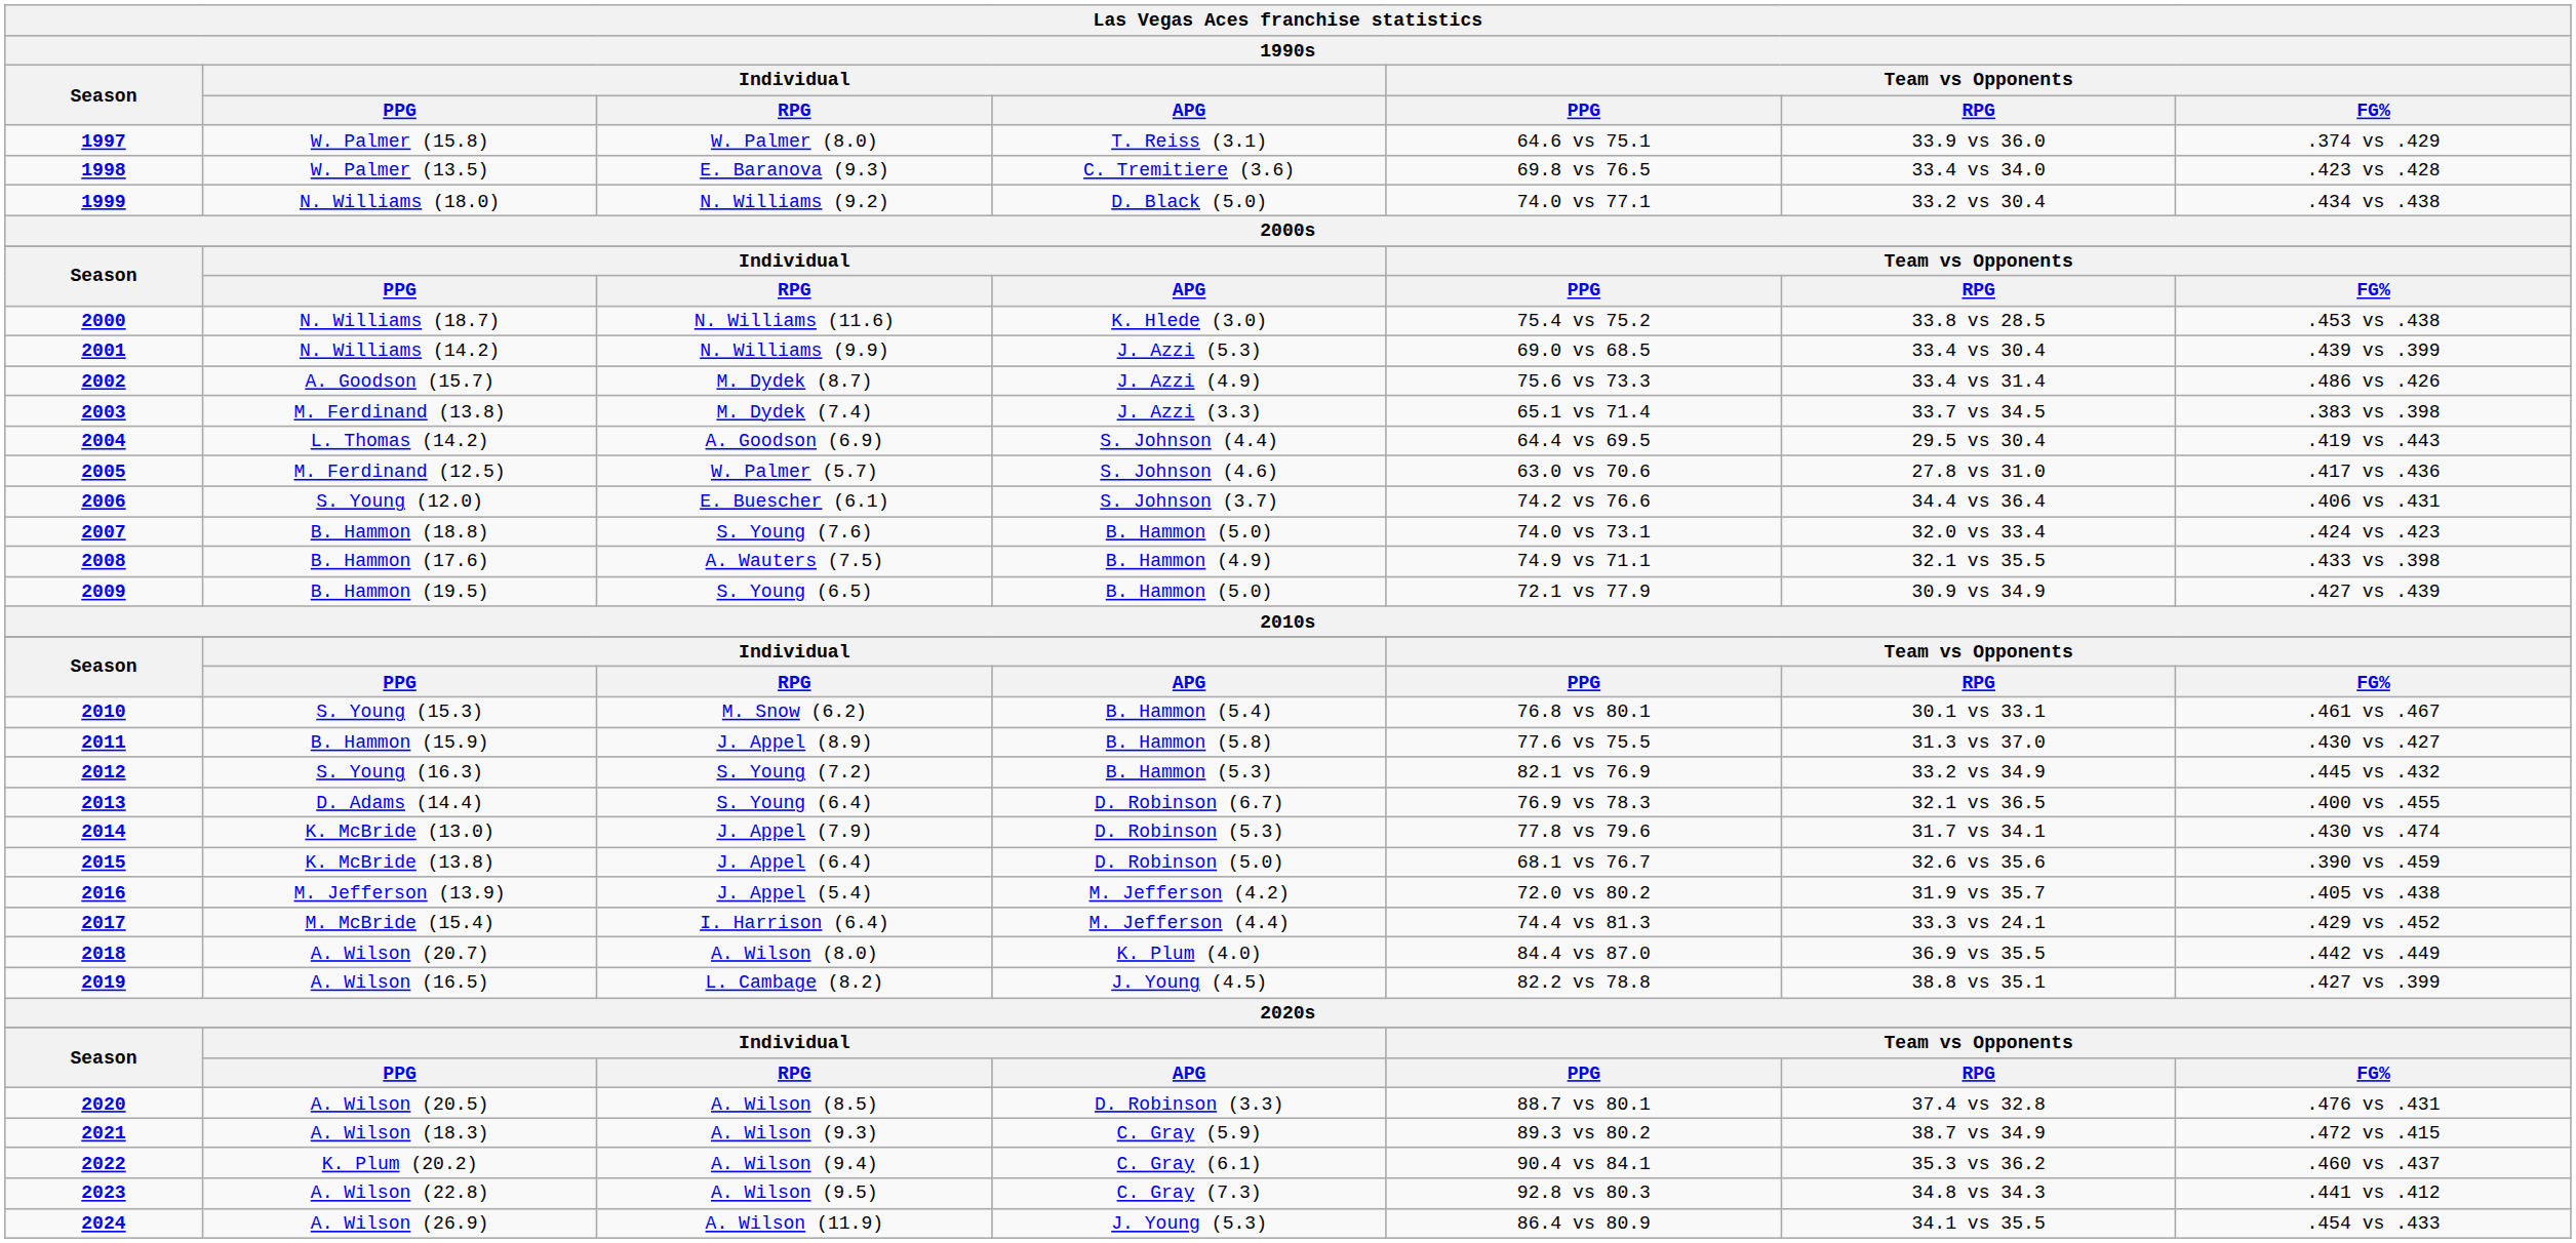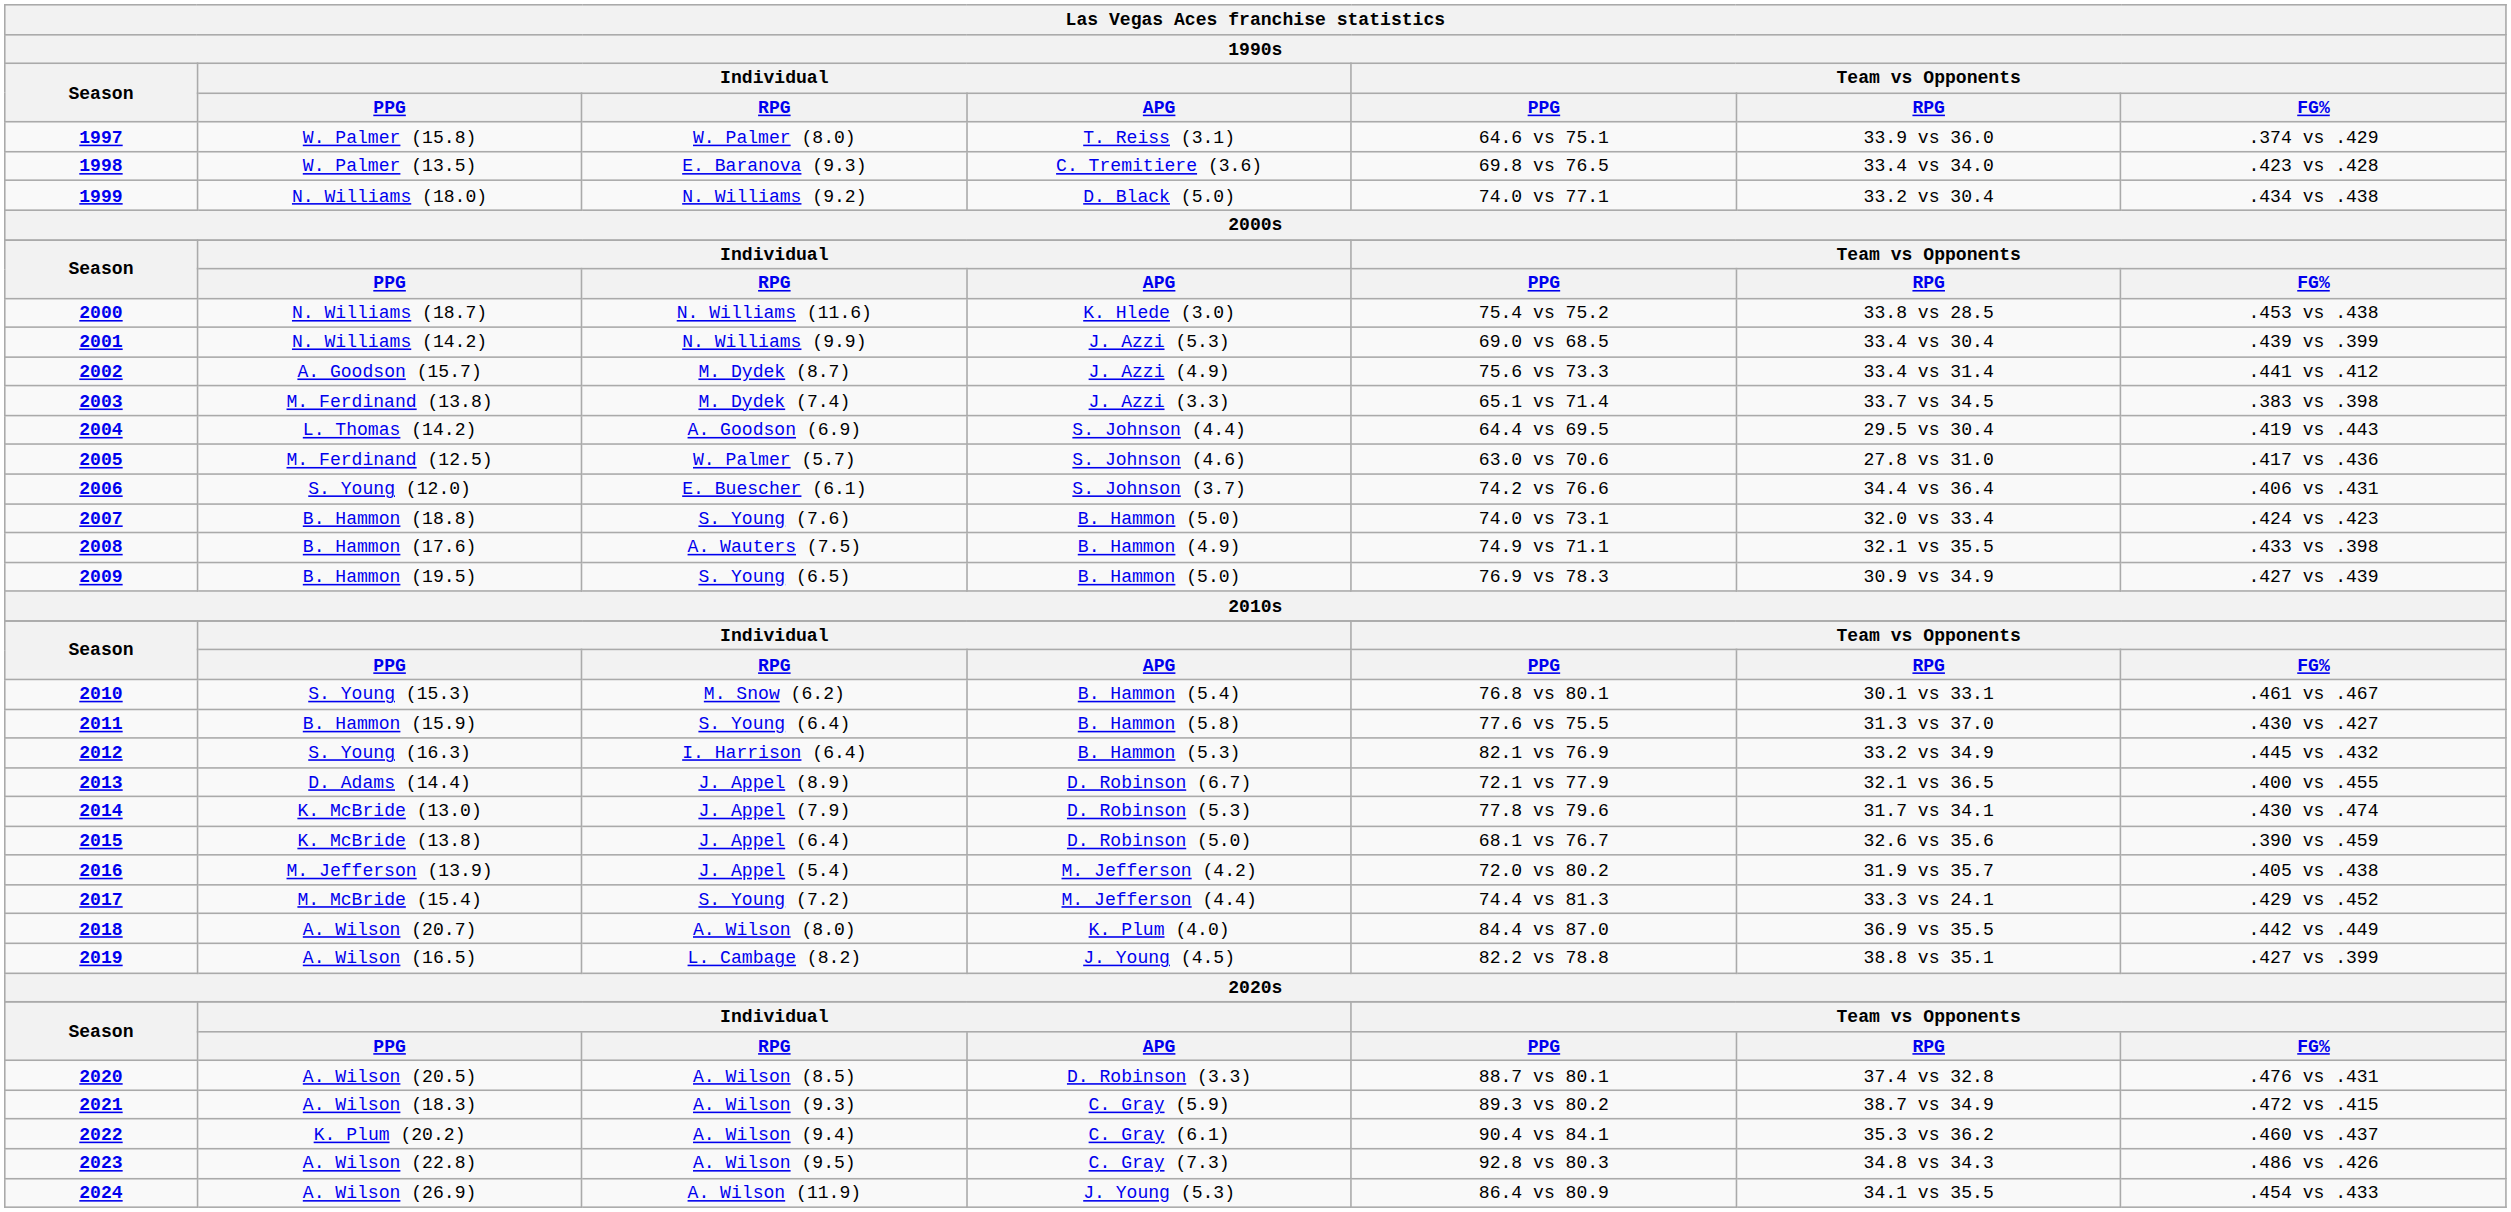 <table class="wikitable" style="clear:both; min-width:70%; font-size:88%; margin:1.5em auto; text-align:center;">
 <tr>
 <th colspan=8>Las Vegas Aces franchise statistics</th>
 </tr>
 <tr valign="top">
 <th colspan=8>1990s</th>
 </tr>
 <tr>
 <th width="4%" rowspan=2>Season</th>
 <th width="16%" colspan=3>Individual</th>
 <th width="16%" colspan=3>Team vs Opponents</th>
 </tr>
 <tr>
 <th width="8%"><a href='#'>PPG</a></th>
 <th width="8%"><a href='#'>RPG</a></th>
 <th width="8%"><a href='#'>APG</a></th>
 <th width="8%"><a href='#'>PPG</a></th>
 <th width="8%"><a href='#'>RPG</a></th>
 <th width="8%"><a href='#'>FG%</a></th>
 </tr>
 <tr>
 <td><strong><a href='#'>1997</a></strong></td>
 <td><a href='#'>W. Palmer</a> (15.8)</td>
 <td><a href='#'>W. Palmer</a> (8.0)</td>
 <td><a href='#'>T. Reiss</a> (3.1)</td>
 <td>64.6 vs 75.1</td>
 <td>33.9 vs 36.0</td>
 <td>.374 vs .429</td>
 </tr>
 <tr>
 <td><strong><a href='#'>1998</a></strong></td>
 <td><a href='#'>W. Palmer</a> (13.5)</td>
 <td><a href='#'>E. Baranova</a> (9.3)</td>
 <td><a href='#'>C. Tremitiere</a> (3.6)</td>
 <td>69.8 vs 76.5</td>
 <td>33.4 vs 34.0</td>
 <td>.423 vs .428</td>
 </tr>
 <tr>
 <td><strong><a href='#'>1999</a></strong></td>
 <td><a href='#'>N. Williams</a> (18.0)</td>
 <td><a href='#'>N. Williams</a> (9.2)</td>
 <td><a href='#'>D. Black</a> (5.0)</td>
 <td>74.0 vs 77.1</td>
 <td>33.2 vs 30.4</td>
 <td>.434 vs .438</td>
 </tr>
 <tr>
 <th colspan=8>2000s</th>
 </tr>
 <tr>
 </tr>
 <tr>
 <th width="4%" rowspan=2>Season</th>
 <th width="16%" colspan=3>Individual</th>
 <th width="16%" colspan=3>Team vs Opponents</th>
 </tr>
 <tr>
 <th width="8%"><a href='#'>PPG</a></th>
 <th width="8%"><a href='#'>RPG</a></th>
 <th width="8%"><a href='#'>APG</a></th>
 <th width="8%"><a href='#'>PPG</a></th>
 <th width="8%"><a href='#'>RPG</a></th>
 <th width="8%"><a href='#'>FG%</a></th>
 </tr>
 <tr>
 <td><strong><a href='#'>2000</a></strong></td>
 <td><a href='#'>N. Williams</a> (18.7)</td>
 <td><a href='#'>N. Williams</a> (11.6)</td>
 <td><a href='#'>K. Hlede</a> (3.0)</td>
 <td>75.4 vs 75.2</td>
 <td>33.8 vs 28.5</td>
 <td>.453 vs .438</td>
 </tr>
 <tr>
 <td><strong><a href='#'>2001</a></strong></td>
 <td><a href='#'>N. Williams</a> (14.2)</td>
 <td><a href='#'>N. Williams</a> (9.9)</td>
 <td><a href='#'>J. Azzi</a> (5.3)</td>
 <td>69.0 vs 68.5</td>
 <td>33.4 vs 30.4</td>
 <td>.439 vs .399</td>
 </tr>
 <tr>
 <td><strong><a href='#'>2002</a></strong></td>
 <td><a href='#'>A. Goodson</a> (15.7)</td>
 <td><a href='#'>M. Dydek</a> (8.7)</td>
 <td><a href='#'>J. Azzi</a> (4.9)</td>
 <td>75.6 vs 73.3</td>
 <td>33.4 vs 31.4</td>
-<td>.486 vs .426</td>
+<td>.441 vs .412</td>
 </tr>
 <tr>
 <td><strong><a href='#'>2003</a></strong></td>
 <td><a href='#'>M. Ferdinand</a> (13.8)</td>
 <td><a href='#'>M. Dydek</a> (7.4)</td>
 <td><a href='#'>J. Azzi</a> (3.3)</td>
 <td>65.1 vs 71.4</td>
 <td>33.7 vs 34.5</td>
 <td>.383 vs .398</td>
 </tr>
 <tr>
 <td><strong><a href='#'>2004</a></strong></td>
 <td><a href='#'>L. Thomas</a> (14.2)</td>
 <td><a href='#'>A. Goodson</a> (6.9)</td>
 <td><a href='#'>S. Johnson</a> (4.4)</td>
 <td>64.4 vs 69.5</td>
 <td>29.5 vs 30.4</td>
 <td>.419 vs .443</td>
 </tr>
 <tr>
 <td><strong><a href='#'>2005</a></strong></td>
 <td><a href='#'>M. Ferdinand</a> (12.5)</td>
 <td><a href='#'>W. Palmer</a> (5.7)</td>
 <td><a href='#'>S. Johnson</a> (4.6)</td>
 <td>63.0 vs 70.6</td>
 <td>27.8 vs 31.0</td>
 <td>.417 vs .436</td>
 </tr>
 <tr>
 <td><strong><a href='#'>2006</a></strong></td>
 <td><a href='#'>S. Young</a> (12.0)</td>
 <td><a href='#'>E. Buescher</a> (6.1)</td>
 <td><a href='#'>S. Johnson</a> (3.7)</td>
 <td>74.2 vs 76.6</td>
 <td>34.4 vs 36.4</td>
 <td>.406 vs .431</td>
 </tr>
 <tr>
 <td><strong><a href='#'>2007</a></strong></td>
 <td><a href='#'>B. Hammon</a> (18.8)</td>
 <td><a href='#'>S. Young</a> (7.6)</td>
 <td><a href='#'>B. Hammon</a> (5.0)</td>
 <td>74.0 vs 73.1</td>
 <td>32.0 vs 33.4</td>
 <td>.424 vs .423</td>
 </tr>
 <tr>
 <td><strong><a href='#'>2008</a></strong></td>
 <td><a href='#'>B. Hammon</a> (17.6)</td>
 <td><a href='#'>A. Wauters</a> (7.5)</td>
 <td><a href='#'>B. Hammon</a> (4.9)</td>
 <td>74.9 vs 71.1</td>
 <td>32.1 vs 35.5</td>
 <td>.433 vs .398</td>
 </tr>
 <tr>
 <td><strong><a href='#'>2009</a></strong></td>
 <td><a href='#'>B. Hammon</a> (19.5)</td>
 <td><a href='#'>S. Young</a> (6.5)</td>
 <td><a href='#'>B. Hammon</a> (5.0)</td>
-<td>72.1 vs 77.9</td>
+<td>76.9 vs 78.3</td>
 <td>30.9 vs 34.9</td>
 <td>.427 vs .439</td>
 </tr>
 <tr>
 <th colspan=8>2010s</th>
 </tr>
 <tr>
 </tr>
 <tr>
 <th width="4%" rowspan=2>Season</th>
 <th width="16%" colspan=3>Individual</th>
 <th width="16%" colspan=3>Team vs Opponents</th>
 </tr>
 <tr>
 <th width="8%"><a href='#'>PPG</a></th>
 <th width="8%"><a href='#'>RPG</a></th>
 <th width="8%"><a href='#'>APG</a></th>
 <th width="8%"><a href='#'>PPG</a></th>
 <th width="8%"><a href='#'>RPG</a></th>
 <th width="8%"><a href='#'>FG%</a></th>
 </tr>
 <tr>
 <td><strong><a href='#'>2010</a></strong></td>
 <td><a href='#'>S. Young</a> (15.3)</td>
 <td><a href='#'>M. Snow</a> (6.2)</td>
 <td><a href='#'>B. Hammon</a> (5.4)</td>
 <td>76.8 vs 80.1</td>
 <td>30.1 vs 33.1</td>
 <td>.461 vs .467</td>
 </tr>
 <tr>
 <td><strong><a href='#'>2011</a></strong></td>
 <td><a href='#'>B. Hammon</a> (15.9)</td>
-<td><a href='#'>J. Appel</a> (8.9)</td>
+<td><a href='#'>S. Young</a> (6.4)</td>
 <td><a href='#'>B. Hammon</a> (5.8)</td>
 <td>77.6 vs 75.5</td>
 <td>31.3 vs 37.0</td>
 <td>.430 vs .427</td>
 </tr>
 <tr>
 <td><strong><a href='#'>2012</a></strong></td>
 <td><a href='#'>S. Young</a> (16.3)</td>
-<td><a href='#'>S. Young</a> (7.2)</td>
+<td><a href='#'>I. Harrison</a> (6.4)</td>
 <td><a href='#'>B. Hammon</a> (5.3)</td>
 <td>82.1 vs 76.9</td>
 <td>33.2 vs 34.9</td>
 <td>.445 vs .432</td>
 </tr>
 <tr>
 <td><strong><a href='#'>2013</a></strong></td>
 <td><a href='#'>D. Adams</a> (14.4)</td>
-<td><a href='#'>S. Young</a> (6.4)</td>
+<td><a href='#'>J. Appel</a> (8.9)</td>
 <td><a href='#'>D. Robinson</a> (6.7)</td>
-<td>76.9 vs 78.3</td>
+<td>72.1 vs 77.9</td>
 <td>32.1 vs 36.5</td>
 <td>.400 vs .455</td>
 </tr>
 <tr>
 <td><strong><a href='#'>2014</a></strong></td>
 <td><a href='#'>K. McBride</a> (13.0)</td>
 <td><a href='#'>J. Appel</a> (7.9)</td>
 <td><a href='#'>D. Robinson</a> (5.3)</td>
 <td>77.8 vs 79.6</td>
 <td>31.7 vs 34.1</td>
 <td>.430 vs .474</td>
 </tr>
 <tr>
 <td><strong><a href='#'>2015</a></strong></td>
 <td><a href='#'>K. McBride</a> (13.8)</td>
 <td><a href='#'>J. Appel</a> (6.4)</td>
 <td><a href='#'>D. Robinson</a> (5.0)</td>
 <td>68.1 vs 76.7</td>
 <td>32.6 vs 35.6</td>
 <td>.390 vs .459</td>
 </tr>
 <tr>
 <td><strong><a href='#'>2016</a></strong></td>
 <td><a href='#'>M. Jefferson</a> (13.9)</td>
 <td><a href='#'>J. Appel</a> (5.4)</td>
 <td><a href='#'>M. Jefferson</a> (4.2)</td>
 <td>72.0 vs 80.2</td>
 <td>31.9 vs 35.7</td>
 <td>.405 vs .438</td>
 </tr>
 <tr>
 <td><strong><a href='#'>2017</a></strong></td>
 <td><a href='#'>M. McBride</a> (15.4)</td>
-<td><a href='#'>I. Harrison</a> (6.4)</td>
+<td><a href='#'>S. Young</a> (7.2)</td>
 <td><a href='#'>M. Jefferson</a> (4.4)</td>
 <td>74.4 vs 81.3</td>
 <td>33.3 vs 24.1</td>
 <td>.429 vs .452</td>
 </tr>
 <tr>
 <td><strong><a href='#'>2018</a></strong></td>
 <td><a href='#'>A. Wilson</a> (20.7)</td>
 <td><a href='#'>A. Wilson</a> (8.0)</td>
 <td><a href='#'>K. Plum</a> (4.0)</td>
 <td>84.4 vs 87.0</td>
 <td>36.9 vs 35.5</td>
 <td>.442 vs .449</td>
 </tr>
 <tr>
 <td><strong><a href='#'>2019</a></strong></td>
 <td><a href='#'>A. Wilson</a> (16.5)</td>
 <td><a href='#'>L. Cambage</a> (8.2)</td>
 <td><a href='#'>J. Young</a> (4.5)</td>
 <td>82.2 vs 78.8</td>
 <td>38.8 vs 35.1</td>
 <td>.427 vs .399</td>
 </tr>
 <tr>
 <th colspan=8>2020s</th>
 </tr>
 <tr>
 </tr>
 <tr>
 <th width="4%" rowspan=2>Season</th>
 <th width="16%" colspan=3>Individual</th>
 <th width="16%" colspan=3>Team vs Opponents</th>
 </tr>
 <tr>
 <th width="8%"><a href='#'>PPG</a></th>
 <th width="8%"><a href='#'>RPG</a></th>
 <th width="8%"><a href='#'>APG</a></th>
 <th width="8%"><a href='#'>PPG</a></th>
 <th width="8%"><a href='#'>RPG</a></th>
 <th width="8%"><a href='#'>FG%</a></th>
 </tr>
 <tr>
 <td><strong><a href='#'>2020</a></strong></td>
 <td><a href='#'>A. Wilson</a> (20.5)</td>
 <td><a href='#'>A. Wilson</a> (8.5)</td>
 <td><a href='#'>D. Robinson</a> (3.3)</td>
 <td>88.7 vs 80.1</td>
 <td>37.4 vs 32.8</td>
 <td>.476 vs .431</td>
 </tr>
 <tr>
 <td><strong><a href='#'>2021</a></strong></td>
 <td><a href='#'>A. Wilson</a> (18.3)</td>
 <td><a href='#'>A. Wilson</a> (9.3)</td>
 <td><a href='#'>C. Gray</a> (5.9)</td>
 <td>89.3 vs 80.2</td>
 <td>38.7 vs 34.9</td>
 <td>.472 vs .415</td>
 </tr>
 <tr>
 <td><strong><a href='#'>2022</a></strong></td>
 <td><a href='#'>K. Plum</a> (20.2)</td>
 <td><a href='#'>A. Wilson</a> (9.4)</td>
 <td><a href='#'>C. Gray</a> (6.1)</td>
 <td>90.4 vs 84.1</td>
 <td>35.3 vs 36.2</td>
 <td>.460 vs .437</td>
 </tr>
 <tr>
 <td><strong><a href='#'>2023</a></strong></td>
 <td><a href='#'>A. Wilson</a> (22.8)</td>
 <td><a href='#'>A. Wilson</a> (9.5)</td>
 <td><a href='#'>C. Gray</a> (7.3)</td>
 <td>92.8 vs 80.3</td>
 <td>34.8 vs 34.3</td>
-<td>.441 vs .412</td>
+<td>.486 vs .426</td>
 </tr>
 <tr>
 <td><strong><a href='#'>2024</a></strong></td>
 <td><a href='#'>A. Wilson</a> (26.9)</td>
 <td><a href='#'>A. Wilson</a> (11.9)</td>
 <td><a href='#'>J. Young</a> (5.3)</td>
 <td>86.4 vs 80.9</td>
 <td>34.1 vs 35.5</td>
 <td>.454 vs .433</td>
 </tr>
 </table>
